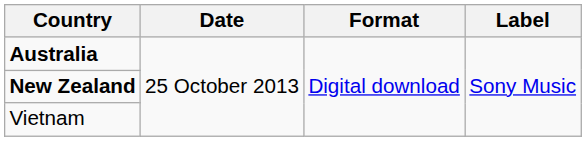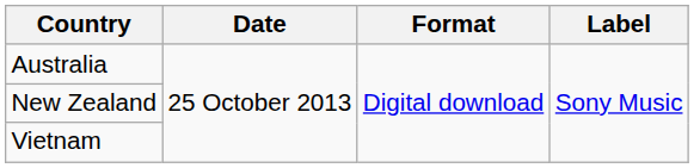 <table class="wikitable plainrowheaders">
 <tr>
 <th scope="col">Country</th>
 <th scope="col">Date</th>
 <th scope="col">Format</th>
 <th scope="col">Label</th>
 </tr>
 <tr>
-<td><strong>Australia</strong></td>
+<td>Australia</td>
 <td rowspan="3">25 October 2013</td>
 <td rowspan="3"><a href='#'>Digital download</a></td>
 <td rowspan="3"><a href='#'>Sony Music</a></td>
 </tr>
 <tr>
-<td><strong>New Zealand</strong></td>
+<td>New Zealand</td>
 </tr>
 <tr>
 <td>Vietnam</td>
 </tr>
 </table>
